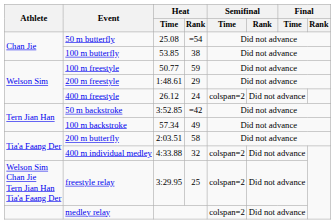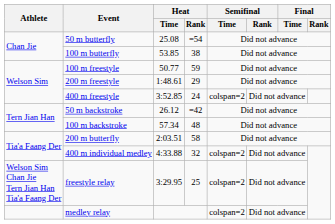 <table class="wikitable" style="text-align:center; font-size:90%">
 <tr>
 <th rowspan="2">Athlete</th>
 <th rowspan="2">Event</th>
 <th colspan="2">Heat</th>
 <th colspan="2">Semifinal</th>
 <th colspan="2">Final</th>
 </tr>
 <tr style="font-size:95%">
 <th>Time</th>
 <th>Rank</th>
 <th>Time</th>
 <th>Rank</th>
 <th>Time</th>
 <th>Rank</th>
 </tr>
 <tr>
 <td align=left rowspan=2><a href='#'>Chan Jie</a></td>
 <td align=left><a href='#'>50 m butterfly</a></td>
 <td>25.08</td>
 <td>=54</td>
 <td colspan=4>Did not advance</td>
 </tr>
 <tr>
 <td align=left><a href='#'>100 m butterfly</a></td>
 <td>53.85</td>
 <td>38</td>
 <td colspan=4>Did not advance</td>
 </tr>
 <tr>
 <td align=left rowspan=3><a href='#'>Welson Sim</a></td>
 <td align=left><a href='#'>100 m freestyle</a></td>
 <td>50.77</td>
 <td>59</td>
 <td colspan=4>Did not advance</td>
 </tr>
 <tr>
 <td align=left><a href='#'>200 m freestyle</a></td>
 <td>1:48.61</td>
 <td>29</td>
 <td colspan=4>Did not advance</td>
 </tr>
 <tr>
 <td align=left><a href='#'>400 m freestyle</a></td>
-<td>26.12</td>
+<td>3:52.85</td>
 <td>24</td>
 <td>colspan=2 </td>
 <td colspan=2>Did not advance</td>
 </tr>
 <tr>
 <td align=left rowspan=2><a href='#'>Tern Jian Han</a></td>
 <td align=left><a href='#'>50 m backstroke</a></td>
-<td>3:52.85</td>
+<td>26.12</td>
 <td>=42</td>
 <td colspan=4>Did not advance</td>
 </tr>
 <tr>
 <td align=left><a href='#'>100 m backstroke</a></td>
 <td>57.34</td>
-<td>49</td>
+<td>48</td>
 <td colspan=4>Did not advance</td>
 </tr>
 <tr>
 <td align=left rowspan=2><a href='#'>Tia'a Faang Der</a></td>
 <td align=left><a href='#'>200 m butterfly</a></td>
 <td>2:03.51</td>
 <td>58</td>
 <td colspan=4>Did not advance</td>
 </tr>
 <tr>
 <td align=left><a href='#'>400 m individual medley</a></td>
 <td>4:33.88</td>
 <td>32</td>
 <td>colspan=2 </td>
 <td colspan=2>Did not advance</td>
 </tr>
 <tr>
 <td align=left><a href='#'>Welson Sim</a><br><a href='#'>Chan Jie</a><br><a href='#'>Tern Jian Han</a><br><a href='#'>Tia'a Faang Der</a></td>
 <td align=left><a href='#'> freestyle relay</a></td>
 <td>3:29.95</td>
 <td>25</td>
 <td>colspan=2 </td>
 <td colspan=2>Did not advance</td>
 </tr>
 <tr>
 <td align=left></td>
 <td align=left><a href='#'> medley relay</a></td>
 <td colspan=2></td>
 <td>colspan=2 </td>
 <td colspan=2>Did not advance</td>
 </tr>
 </table>
